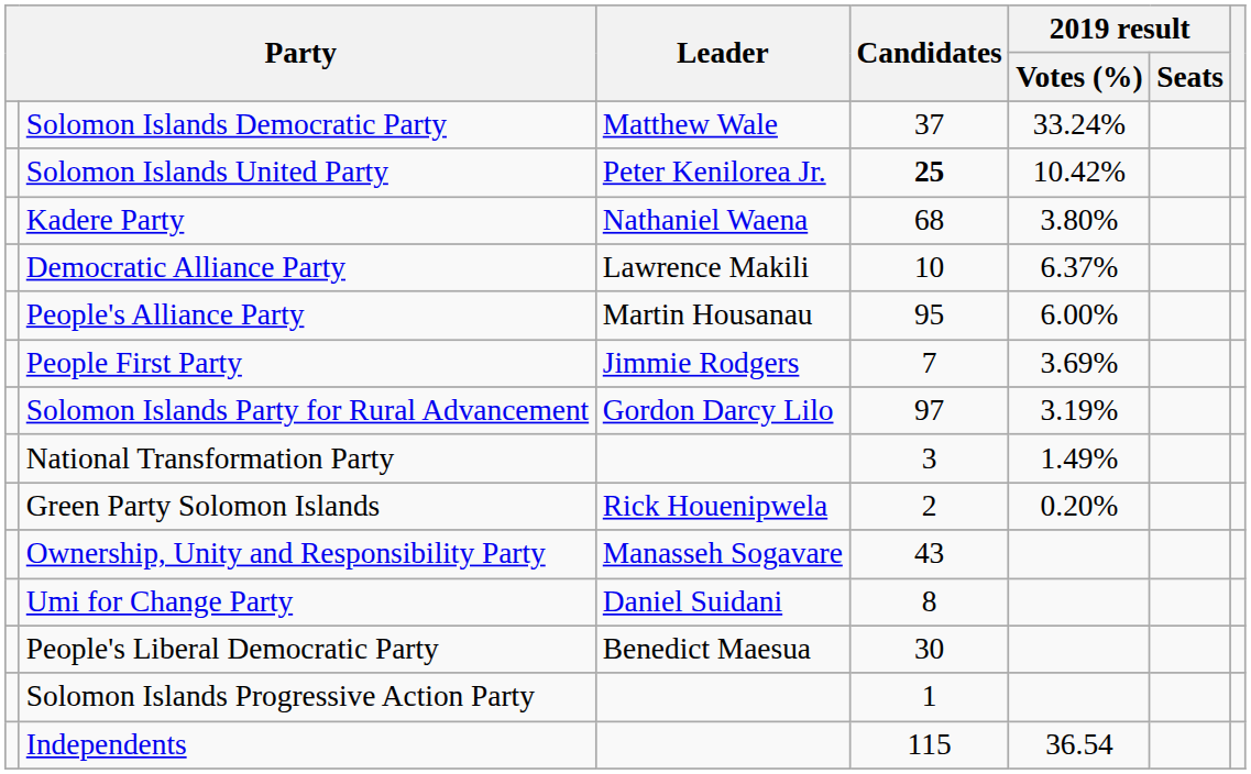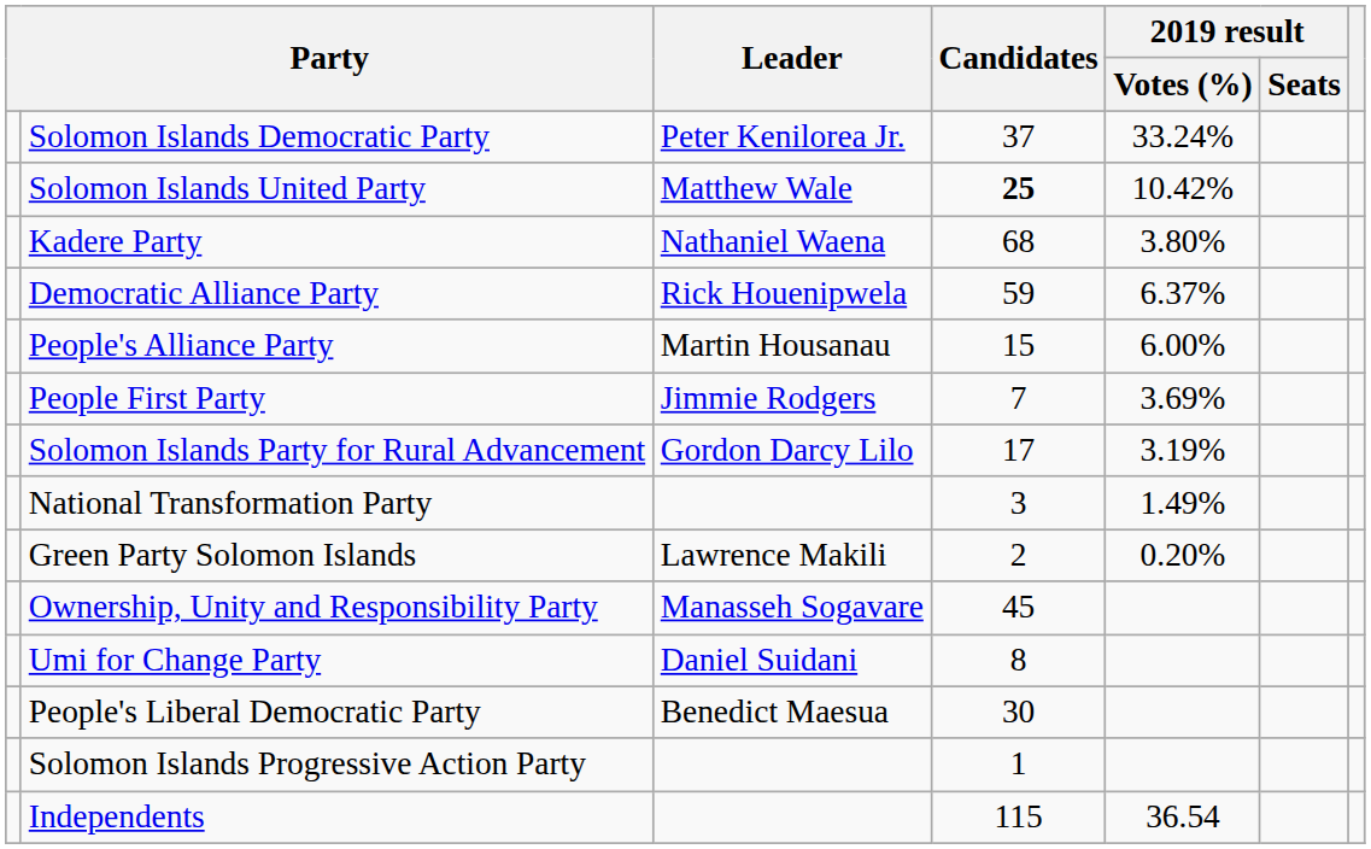 <table class="wikitable sortable" style=text-align:center>
 <tr>
 <th rowspan="2" colspan="2">Party</th>
 <th rowspan="2">Leader</th>
 <th rowspan="2">Candidates</th>
 <th colspan="2">2019 result</th>
 <th rowspan="2" class="unsortable"></th>
 </tr>
 <tr>
 <th>Votes (%)</th>
 <th>Seats</th>
 </tr>
 <tr>
 <td style="background:"></td>
 <td align=left><a href='#'>Solomon Islands Democratic Party</a></td>
-<td align=left><a href='#'>Matthew Wale</a></td>
+<td align=left><a href='#'>Peter Kenilorea Jr.</a></td>
 <td>37</td>
 <td>33.24%</td>
 <td></td>
 <td></td>
 </tr>
 <tr>
 <td style="background:"></td>
 <td align=left><a href='#'>Solomon Islands United Party</a></td>
-<td align=left><a href='#'>Peter Kenilorea Jr.</a></td>
+<td align=left><a href='#'>Matthew Wale</a></td>
 <td><strong>25</strong></td>
 <td>10.42%</td>
 <td></td>
 <td></td>
 </tr>
 <tr>
 <td style="background:"></td>
 <td align=left><a href='#'>Kadere Party</a></td>
 <td align=left><a href='#'>Nathaniel Waena</a></td>
 <td>68</td>
 <td>3.80%</td>
 <td></td>
 <td></td>
 </tr>
 <tr>
 <td style="background:"></td>
 <td align=left><a href='#'>Democratic Alliance Party</a></td>
-<td align=left>Lawrence Makili</td>
-<td>10</td>
+<td align=left><a href='#'>Rick Houenipwela</a></td>
+<td>59</td>
 <td>6.37%</td>
 <td></td>
 <td></td>
 </tr>
 <tr>
 <td style="background:"></td>
 <td align=left><a href='#'>People's Alliance Party</a></td>
 <td align=left>Martin Housanau</td>
-<td>95</td>
+<td>15</td>
 <td>6.00%</td>
 <td></td>
 <td></td>
 </tr>
 <tr>
 <td style="background:"></td>
 <td align=left><a href='#'>People First Party</a></td>
 <td align=left><a href='#'>Jimmie Rodgers</a></td>
 <td>7</td>
 <td>3.69%</td>
 <td></td>
 <td></td>
 </tr>
 <tr>
 <td style="background:"></td>
 <td align=left><a href='#'>Solomon Islands Party for Rural Advancement</a></td>
 <td align=left><a href='#'>Gordon Darcy Lilo</a></td>
-<td>97</td>
+<td>17</td>
 <td>3.19%</td>
 <td></td>
 <td></td>
 </tr>
 <tr>
 <td style="background:"></td>
 <td align=left>National Transformation Party</td>
 <td></td>
 <td>3</td>
 <td>1.49%</td>
 <td></td>
 <td></td>
 </tr>
 <tr>
 <td style="background:"></td>
 <td align=left>Green Party Solomon Islands</td>
-<td align=left><a href='#'>Rick Houenipwela</a></td>
+<td align=left>Lawrence Makili</td>
 <td>2</td>
 <td>0.20%</td>
 <td></td>
 <td></td>
 </tr>
 <tr>
 <td style="background:"></td>
 <td align=left><a href='#'>Ownership, Unity and Responsibility Party</a></td>
 <td align=left><a href='#'>Manasseh Sogavare</a></td>
-<td>43</td>
+<td>45</td>
 <td></td>
 <td></td>
 <td></td>
 </tr>
 <tr>
 <td style="background:"></td>
 <td align=left><a href='#'>Umi for Change Party</a></td>
 <td align=left><a href='#'>Daniel Suidani</a></td>
 <td>8</td>
 <td></td>
 <td></td>
 <td></td>
 </tr>
 <tr>
 <td style="background:"></td>
 <td align=left>People's Liberal Democratic Party</td>
 <td align=left>Benedict Maesua</td>
 <td>30</td>
 <td></td>
 <td></td>
 <td></td>
 </tr>
 <tr>
 <td style="background:"></td>
 <td align=left>Solomon Islands Progressive Action Party</td>
 <td></td>
 <td>1</td>
 <td></td>
 <td></td>
 <td></td>
 </tr>
 <tr>
 <td style="background:"></td>
 <td align=left><a href='#'>Independents</a></td>
 <td></td>
 <td>115</td>
 <td>36.54</td>
 <td></td>
 <td></td>
 </tr>
 </table>
